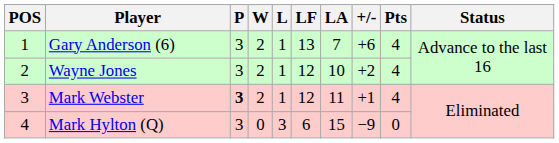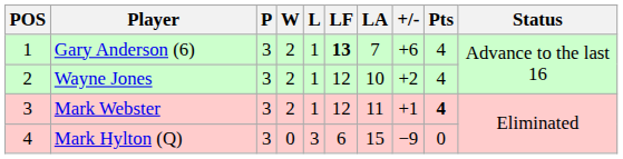 <table class="wikitable" style="text-align:center; margin: 1em auto 1em auto, align:left">
 <tr>
 <th width=20>POS</th>
 <th width=169>Player</th>
 <th width=3>P</th>
 <th width=3>W</th>
 <th width=3>L</th>
 <th width=20>LF</th>
 <th width=20>LA</th>
 <th width=20>+/-</th>
 <th width=20>Pts</th>
 <th width=129>Status</th>
 </tr>
 <tr style="background:#CCFFCC;">
 <td>1</td>
 <td style="text-align:left;"> <a href='#'>Gary Anderson</a> (6)</td>
 <td>3</td>
 <td>2</td>
 <td>1</td>
-<td>13</td>
+<td><strong>13</strong></td>
 <td>7</td>
 <td>+6</td>
 <td>4</td>
 <td rowspan=2>Advance to the last 16</td>
 </tr>
 <tr style="background:#CCFFCC;">
 <td>2</td>
 <td style="text-align:left;"> <a href='#'>Wayne Jones</a></td>
 <td>3</td>
 <td>2</td>
 <td>1</td>
 <td>12</td>
 <td>10</td>
 <td>+2</td>
 <td>4</td>
 </tr>
 <tr style="background:#FFCCCC;">
 <td>3</td>
 <td style="text-align:left;"> <a href='#'>Mark Webster</a></td>
-<td><strong>3</strong></td>
+<td>3</td>
 <td>2</td>
 <td>1</td>
 <td>12</td>
 <td>11</td>
 <td>+1</td>
-<td>4</td>
+<td><strong>4</strong></td>
 <td rowspan=2>Eliminated</td>
 </tr>
 <tr style="background:#FFCCCC;">
 <td>4</td>
 <td style="text-align:left;"> <a href='#'>Mark Hylton</a> (Q)</td>
 <td>3</td>
 <td>0</td>
 <td>3</td>
 <td>6</td>
 <td>15</td>
 <td>−9</td>
 <td>0</td>
 </tr>
 </table>
